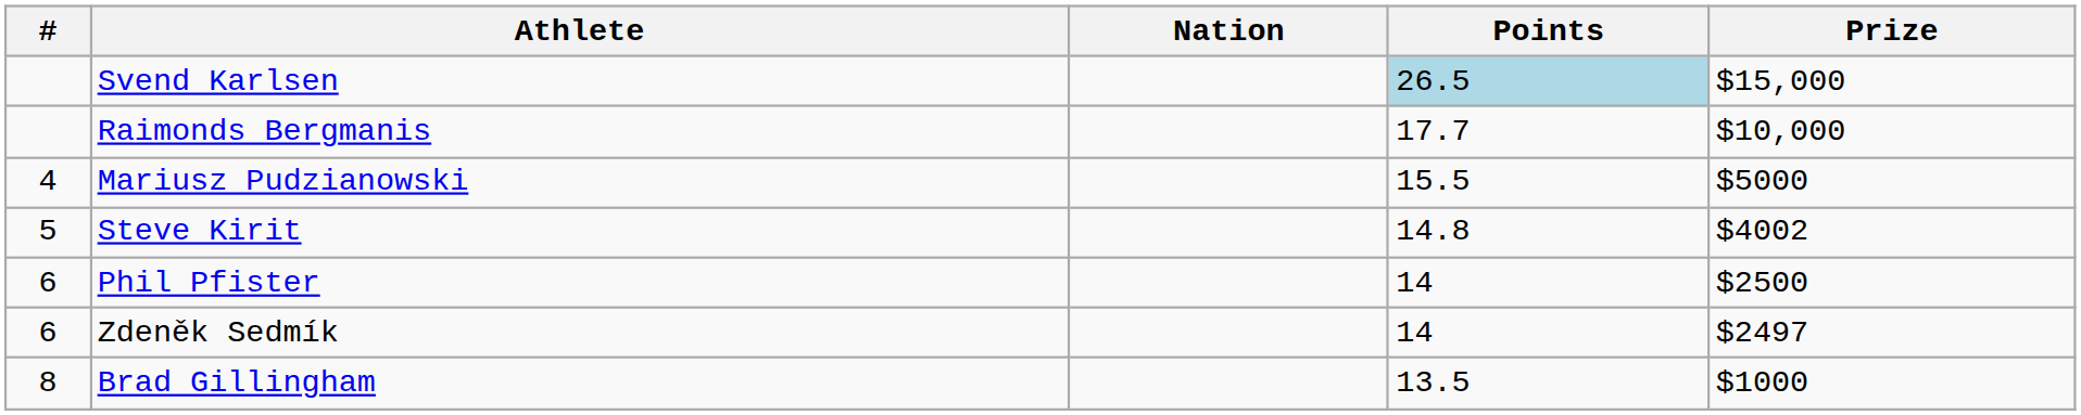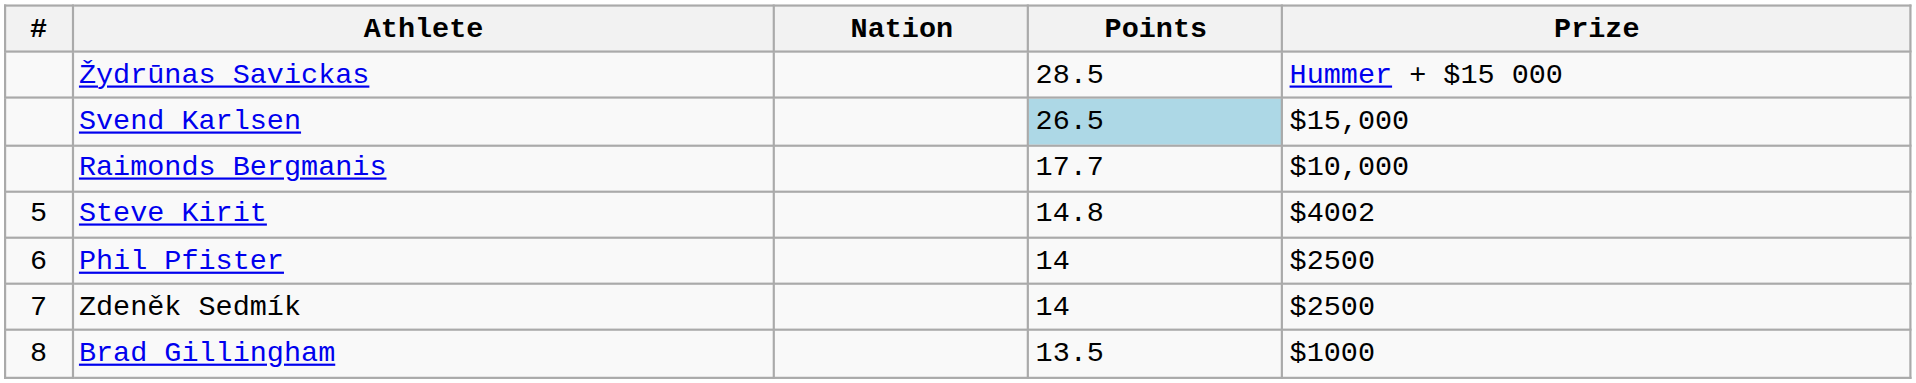 <table class="wikitable" style="display: inline-table;width: 55%;">
 <tr>
 <th scope="col">#</th>
 <th scope="col">Athlete</th>
 <th scope="col">Nation</th>
 <th scope="col">Points</th>
 <th scope="col">Prize</th>
+</tr>
+<tr>
+<td align="center"></td>
+<td><a href='#'>Žydrūnas Savickas</a></td>
+<td></td>
+<td>28.5</td>
+<td><a href='#'>Hummer</a> + $15 000</td>
 </tr>
 <tr>
 <td align="center"></td>
 <td><a href='#'>Svend Karlsen</a></td>
 <td></td>
 <td style="background: lightblue;">26.5</td>
 <td>$15,000</td>
 </tr>
 <tr>
 <td align="center"></td>
 <td><a href='#'>Raimonds Bergmanis</a></td>
 <td></td>
 <td>17.7</td>
 <td>$10,000</td>
 </tr>
 <tr>
-<td align="center">4</td>
-<td><a href='#'>Mariusz Pudzianowski</a></td>
-<td></td>
-<td>15.5</td>
-<td>$5000</td>
-</tr>
-<tr>
 <td align="center">5</td>
 <td><a href='#'>Steve Kirit</a></td>
 <td></td>
 <td>14.8</td>
 <td>$4002</td>
 </tr>
 <tr>
 <td align="center">6</td>
 <td><a href='#'>Phil Pfister</a></td>
 <td></td>
 <td>14</td>
 <td>$2500</td>
 </tr>
 <tr>
-<td align="center">6</td>
+<td align="center">7</td>
 <td>Zdeněk Sedmík</td>
 <td></td>
 <td>14</td>
-<td>$2497</td>
+<td>$2500</td>
 </tr>
 <tr>
 <td align="center">8</td>
 <td><a href='#'>Brad Gillingham</a></td>
 <td></td>
 <td>13.5</td>
 <td>$1000</td>
 </tr>
 </table>
